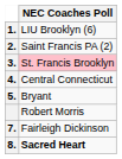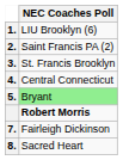 <table class="wikitable" style="white-space:nowrap; font-size:90%;">
 <tr>
 <td ! colspan=1 style="background:white; border-top-style:hidden; border-left-style:hidden;"></td>
 <th>NEC Coaches Poll</th>
 </tr>
 <tr>
 <th>1.</th>
 <td>LIU Brooklyn (6)</td>
 </tr>
 <tr>
 <th>2.</th>
 <td>Saint Francis PA (2)</td>
 </tr>
 <tr>
 <th>3.</th>
-<td style="background: pink;">St. Francis Brooklyn</td>
+<td>St. Francis Brooklyn</td>
 </tr>
 <tr>
 <th>4.</th>
 <td>Central Connecticut</td>
 </tr>
 <tr>
 <th>5.</th>
-<td>Bryant</td>
+<td style="background: lightgreen;">Bryant</td>
 </tr>
 <tr>
 <th></th>
-<td>Robert Morris</td>
+<td><strong>Robert Morris</strong></td>
 </tr>
 <tr>
 <th>7.</th>
 <td>Fairleigh Dickinson</td>
 </tr>
 <tr>
 <th>8.</th>
-<td><strong>Sacred Heart</strong></td>
+<td>Sacred Heart</td>
 </tr>
 </table>
